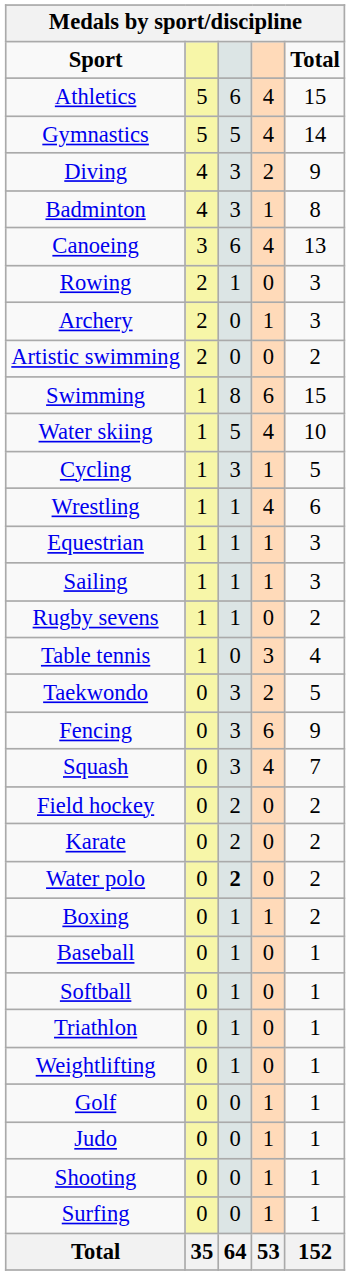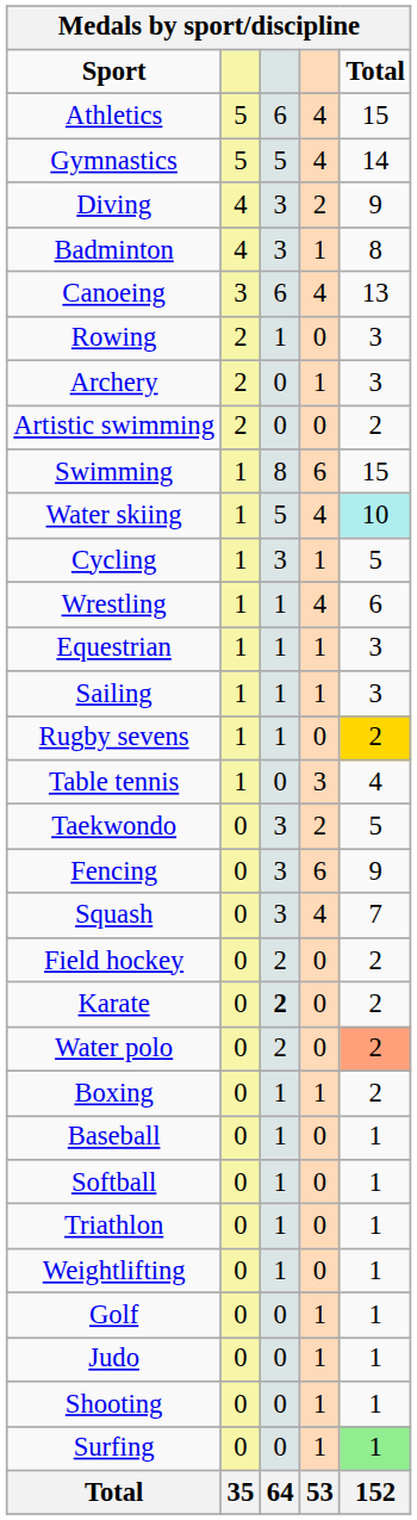 <table class="wikitable" style="font-size:85%; float:right">
 <tr bgcolor=#efefef>
 <th colspan=7>Medals by sport/discipline</th>
 </tr>
 <tr align=center>
 <td><strong>Sport</strong></td>
 <td bgcolor=#f7f6a8></td>
 <td bgcolor=#dce5e5></td>
 <td bgcolor=#ffdab9></td>
 <td><strong>Total</strong></td>
 </tr>
 <tr align=center>
 <td><a href='#'>Athletics</a></td>
 <td bgcolor=#f7f6a8>5</td>
 <td bgcolor=#dce5e5>6</td>
 <td bgcolor=#ffdab9>4</td>
 <td>15</td>
 </tr>
 <tr align=center>
 <td><a href='#'>Gymnastics</a></td>
 <td bgcolor=#f7f6a8>5</td>
 <td bgcolor=#dce5e5>5</td>
 <td bgcolor=#ffdab9>4</td>
 <td>14</td>
 </tr>
 <tr align=center>
 <td><a href='#'>Diving</a></td>
 <td bgcolor=#f7f6a8>4</td>
 <td bgcolor=#dce5e5>3</td>
 <td bgcolor=#ffdab9>2</td>
 <td>9</td>
 </tr>
 <tr align=center>
 <td><a href='#'>Badminton</a></td>
 <td bgcolor=#f7f6a8>4</td>
 <td bgcolor=#dce5e5>3</td>
 <td bgcolor=#ffdab9>1</td>
 <td>8</td>
 </tr>
 <tr align=center>
 <td><a href='#'>Canoeing</a></td>
 <td bgcolor=#f7f6a8>3</td>
 <td bgcolor=#dce5e5>6</td>
 <td bgcolor=#ffdab9>4</td>
 <td>13</td>
 </tr>
 <tr align=center>
 <td><a href='#'>Rowing</a></td>
 <td bgcolor=#f7f6a8>2</td>
 <td bgcolor=#dce5e5>1</td>
 <td bgcolor=#ffdab9>0</td>
 <td>3</td>
 </tr>
 <tr align=center>
 <td><a href='#'>Archery</a></td>
 <td bgcolor=#f7f6a8>2</td>
 <td bgcolor=#dce5e5>0</td>
 <td bgcolor=#ffdab9>1</td>
 <td>3</td>
 </tr>
 <tr align=center>
 <td><a href='#'>Artistic swimming</a></td>
 <td bgcolor=#f7f6a8>2</td>
 <td bgcolor=#dce5e5>0</td>
 <td bgcolor=#ffdab9>0</td>
 <td>2</td>
 </tr>
 <tr align=center>
 <td><a href='#'>Swimming</a></td>
 <td bgcolor=#f7f6a8>1</td>
 <td bgcolor=#dce5e5>8</td>
 <td bgcolor=#ffdab9>6</td>
 <td>15</td>
 </tr>
 <tr align=center>
 <td><a href='#'>Water skiing</a></td>
 <td bgcolor=#f7f6a8>1</td>
 <td bgcolor=#dce5e5>5</td>
 <td bgcolor=#ffdab9>4</td>
-<td>10</td>
+<td style="background: paleturquoise;">10</td>
 </tr>
 <tr align=center>
 <td><a href='#'>Cycling</a></td>
 <td bgcolor=#f7f6a8>1</td>
 <td bgcolor=#dce5e5>3</td>
 <td bgcolor=#ffdab9>1</td>
 <td>5</td>
 </tr>
 <tr align=center>
 <td><a href='#'>Wrestling</a></td>
 <td bgcolor=#f7f6a8>1</td>
 <td bgcolor=#dce5e5>1</td>
 <td bgcolor=#ffdab9>4</td>
 <td>6</td>
 </tr>
 <tr align=center>
 <td><a href='#'>Equestrian</a></td>
 <td bgcolor=#f7f6a8>1</td>
 <td bgcolor=#dce5e5>1</td>
 <td bgcolor=#ffdab9>1</td>
 <td>3</td>
 </tr>
 <tr align=center>
 <td><a href='#'>Sailing</a></td>
 <td bgcolor=#f7f6a8>1</td>
 <td bgcolor=#dce5e5>1</td>
 <td bgcolor=#ffdab9>1</td>
 <td>3</td>
 </tr>
 <tr align=center>
 <td><a href='#'>Rugby sevens</a></td>
 <td bgcolor=#f7f6a8>1</td>
 <td bgcolor=#dce5e5>1</td>
 <td bgcolor=#ffdab9>0</td>
-<td>2</td>
+<td style="background: gold;">2</td>
 </tr>
 <tr align=center>
 <td><a href='#'>Table tennis</a></td>
 <td bgcolor=#f7f6a8>1</td>
 <td bgcolor=#dce5e5>0</td>
 <td bgcolor=#ffdab9>3</td>
 <td>4</td>
 </tr>
 <tr align=center>
 <td><a href='#'>Taekwondo</a></td>
 <td bgcolor=#f7f6a8>0</td>
 <td bgcolor=#dce5e5>3</td>
 <td bgcolor=#ffdab9>2</td>
 <td>5</td>
 </tr>
 <tr align=center>
 <td><a href='#'>Fencing</a></td>
 <td bgcolor=#f7f6a8>0</td>
 <td bgcolor=#dce5e5>3</td>
 <td bgcolor=#ffdab9>6</td>
 <td>9</td>
 </tr>
 <tr align=center>
 <td><a href='#'>Squash</a></td>
 <td bgcolor=#f7f6a8>0</td>
 <td bgcolor=#dce5e5>3</td>
 <td bgcolor=#ffdab9>4</td>
 <td>7</td>
 </tr>
 <tr align=center>
 <td><a href='#'>Field hockey</a></td>
 <td bgcolor=#f7f6a8>0</td>
 <td bgcolor=#dce5e5>2</td>
 <td bgcolor=#ffdab9>0</td>
 <td>2</td>
 </tr>
 <tr align=center>
 <td><a href='#'>Karate</a></td>
 <td bgcolor=#f7f6a8>0</td>
-<td bgcolor=#dce5e5>2</td>
+<td bgcolor=#dce5e5><strong>2</strong></td>
 <td bgcolor=#ffdab9>0</td>
 <td>2</td>
 </tr>
 <tr align=center>
 <td><a href='#'>Water polo</a></td>
 <td bgcolor=#f7f6a8>0</td>
-<td bgcolor=#dce5e5><strong>2</strong></td>
+<td bgcolor=#dce5e5>2</td>
 <td bgcolor=#ffdab9>0</td>
-<td>2</td>
+<td style="background: lightsalmon;">2</td>
 </tr>
 <tr align=center>
 <td><a href='#'>Boxing</a></td>
 <td bgcolor=#f7f6a8>0</td>
 <td bgcolor=#dce5e5>1</td>
 <td bgcolor=#ffdab9>1</td>
 <td>2</td>
 </tr>
 <tr align=center>
 <td><a href='#'>Baseball</a></td>
 <td bgcolor=#f7f6a8>0</td>
 <td bgcolor=#dce5e5>1</td>
 <td bgcolor=#ffdab9>0</td>
 <td>1</td>
 </tr>
 <tr align=center>
 <td><a href='#'>Softball</a></td>
 <td bgcolor=#f7f6a8>0</td>
 <td bgcolor=#dce5e5>1</td>
 <td bgcolor=#ffdab9>0</td>
 <td>1</td>
 </tr>
 <tr align=center>
 <td><a href='#'>Triathlon</a></td>
 <td bgcolor=#f7f6a8>0</td>
 <td bgcolor=#dce5e5>1</td>
 <td bgcolor=#ffdab9>0</td>
 <td>1</td>
 </tr>
 <tr align=center>
 <td><a href='#'>Weightlifting</a></td>
 <td bgcolor=#f7f6a8>0</td>
 <td bgcolor=#dce5e5>1</td>
 <td bgcolor=#ffdab9>0</td>
 <td>1</td>
 </tr>
 <tr align=center>
 <td><a href='#'>Golf</a></td>
 <td bgcolor=#f7f6a8>0</td>
 <td bgcolor=#dce5e5>0</td>
 <td bgcolor=#ffdab9>1</td>
 <td>1</td>
 </tr>
 <tr align=center>
 <td><a href='#'>Judo</a></td>
 <td bgcolor=#f7f6a8>0</td>
 <td bgcolor=#dce5e5>0</td>
 <td bgcolor=#ffdab9>1</td>
 <td>1</td>
 </tr>
 <tr align=center>
 <td><a href='#'>Shooting</a></td>
 <td bgcolor=#f7f6a8>0</td>
 <td bgcolor=#dce5e5>0</td>
 <td bgcolor=#ffdab9>1</td>
 <td>1</td>
 </tr>
 <tr align=center>
 <td><a href='#'>Surfing</a></td>
 <td bgcolor=#f7f6a8>0</td>
 <td bgcolor=#dce5e5>0</td>
 <td bgcolor=#ffdab9>1</td>
-<td>1</td>
+<td style="background: lightgreen;">1</td>
 </tr>
 <tr align=center>
 <th>Total</th>
 <th bgcolor=gold>35</th>
 <th bgcolor=silver>64</th>
 <th bgcolor=#c96>53</th>
 <th>152</th>
 </tr>
 </table>
